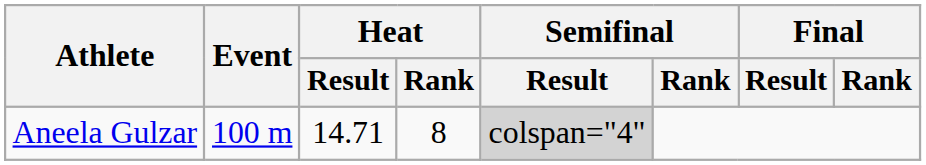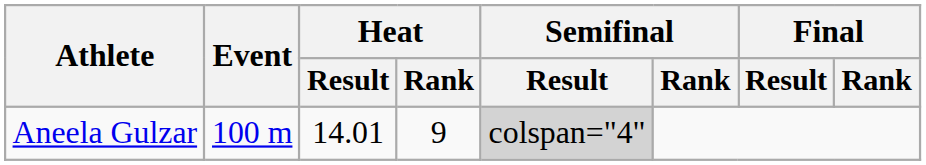 <table class="wikitable" style="font-size:90%; text-align:center">
 <tr>
 <th rowspan=2>Athlete</th>
 <th rowspan=2>Event</th>
 <th colspan=2>Heat</th>
 <th colspan=2>Semifinal</th>
 <th colspan=2>Final</th>
 </tr>
 <tr style="font-size:95%">
 <th>Result</th>
 <th>Rank</th>
 <th>Result</th>
 <th>Rank</th>
 <th>Result</th>
 <th>Rank</th>
 </tr>
 <tr>
 <td align="left"><a href='#'>Aneela Gulzar</a></td>
 <td align=left rowspan=1><a href='#'>100 m</a></td>
-<td>14.71</td>
-<td>8</td>
+<td>14.01</td>
+<td>9</td>
 <td style="background: lightgrey;">colspan="4" </td>
 </tr>
 </table>
